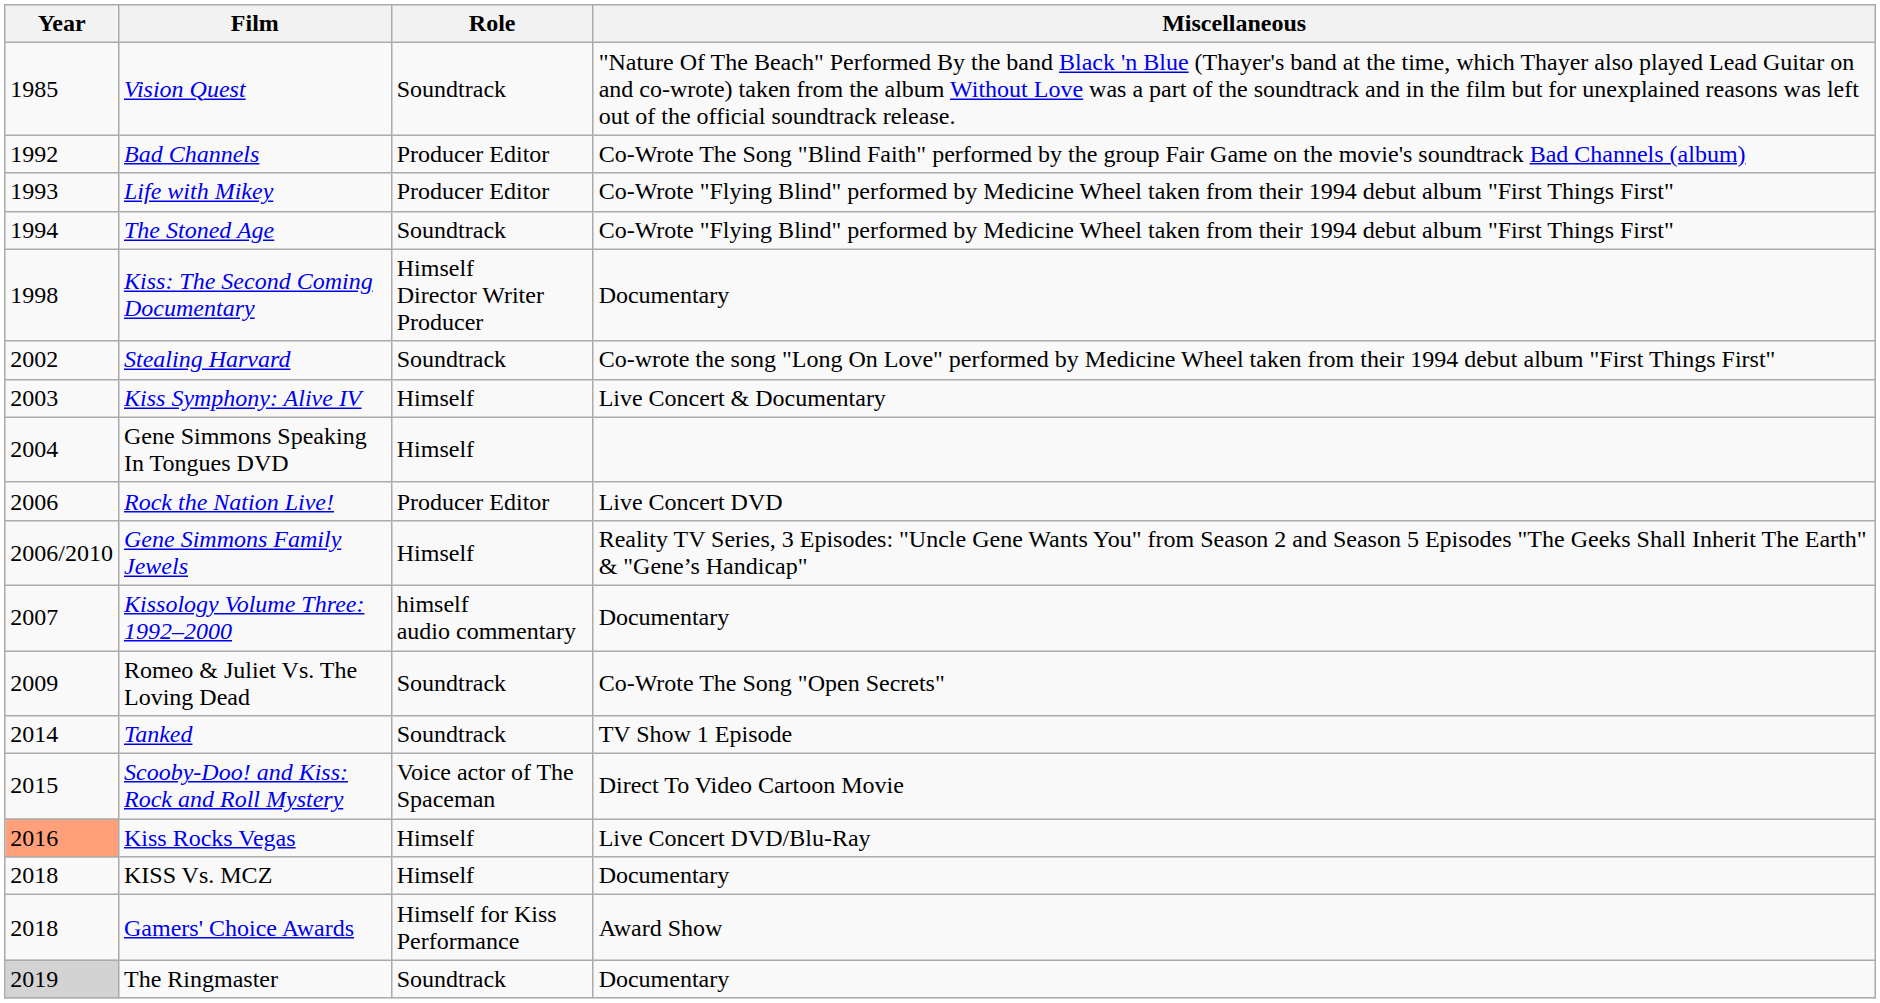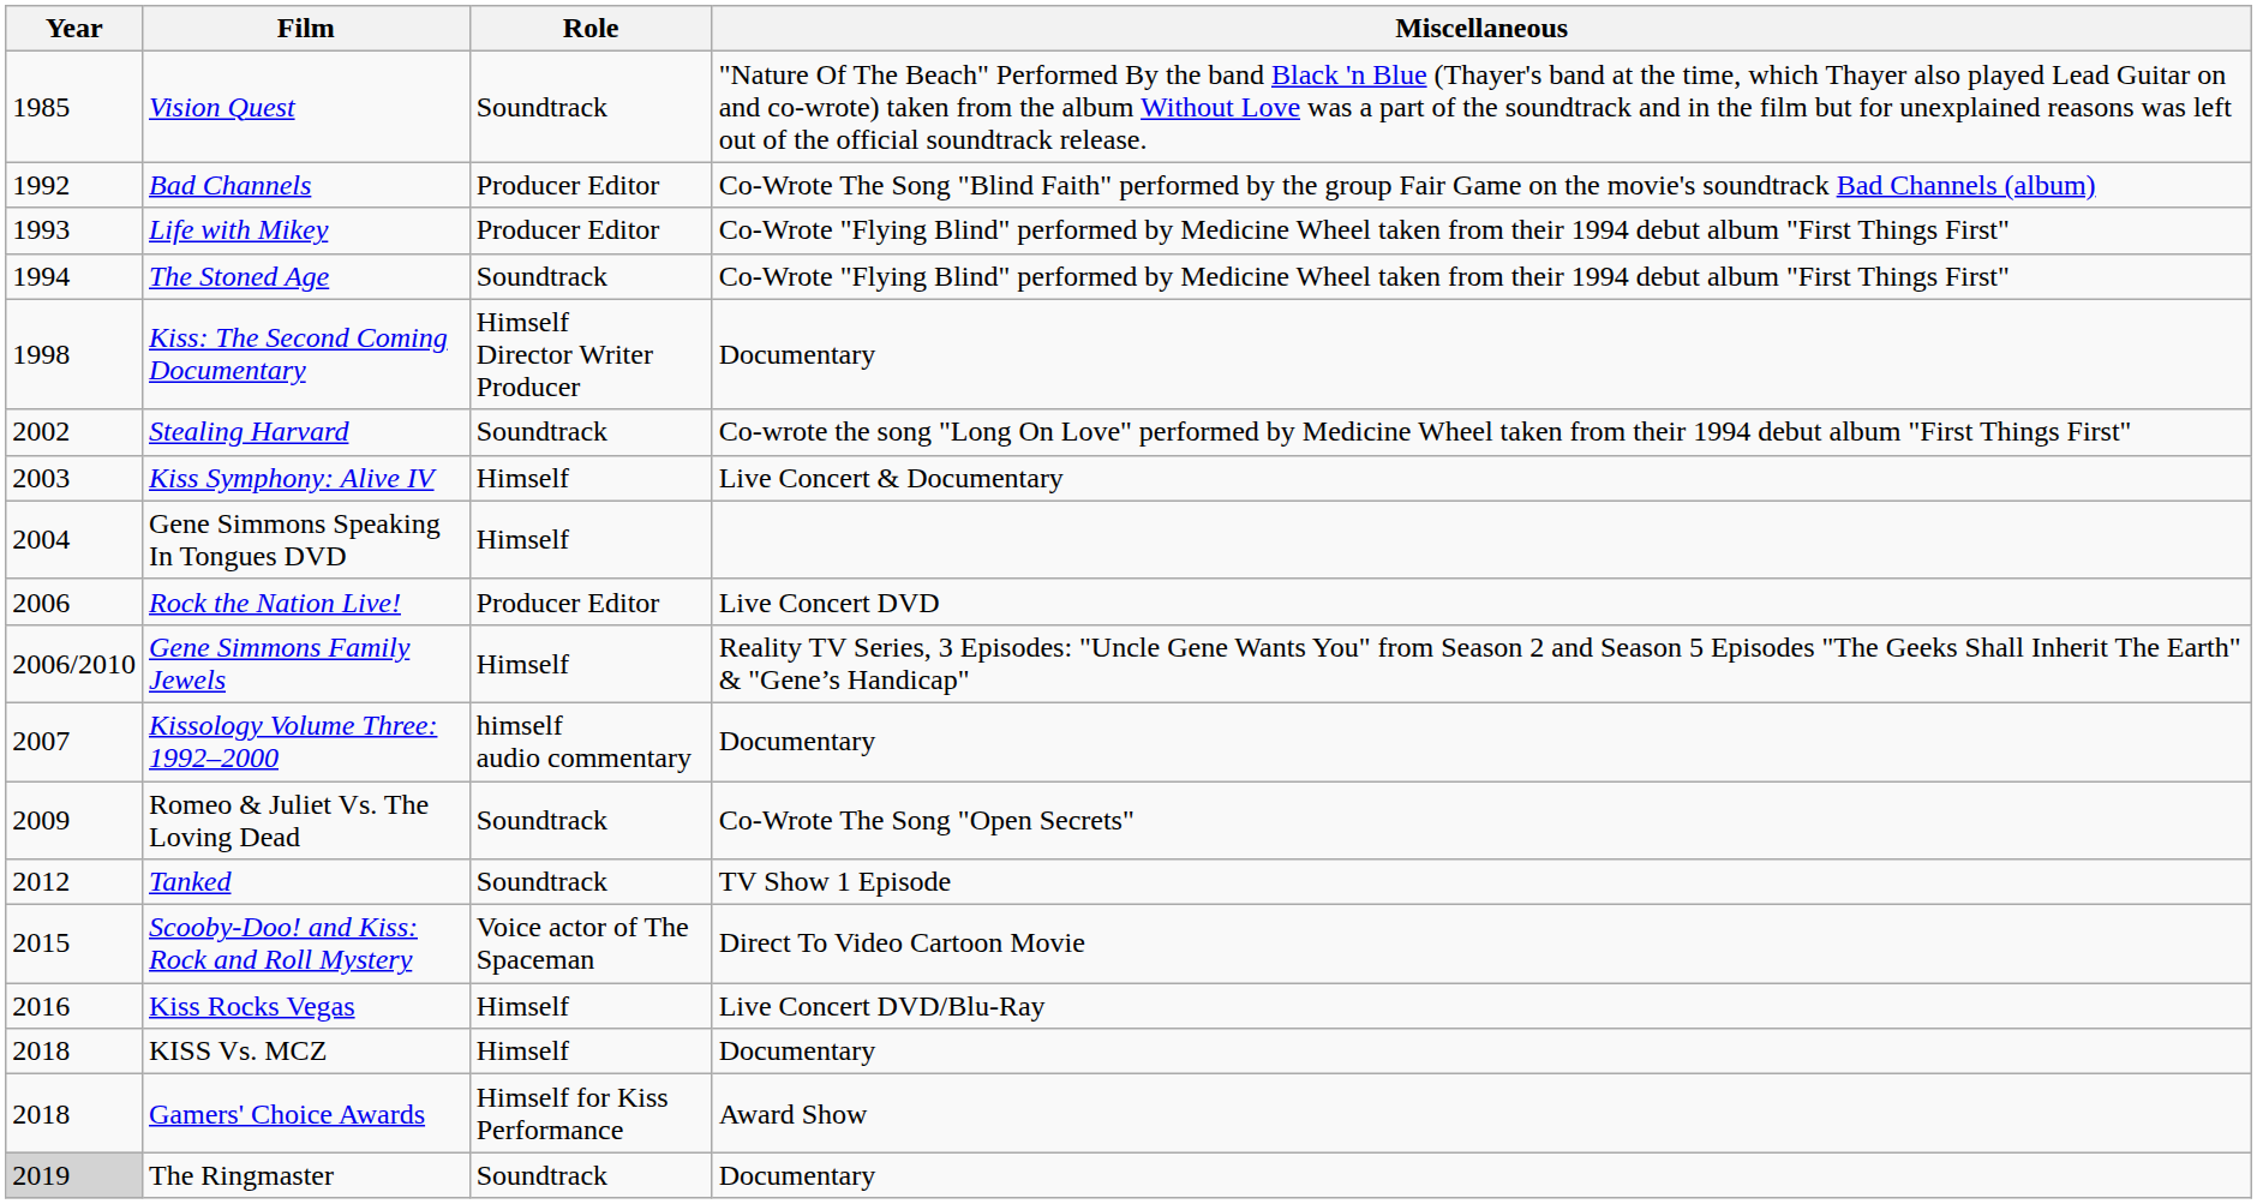 <table class="wikitable">
 <tr>
 <th>Year</th>
 <th>Film</th>
 <th>Role</th>
 <th>Miscellaneous</th>
 </tr>
 <tr>
 <td>1985</td>
 <td><em><a href='#'>Vision Quest</a></em></td>
 <td>Soundtrack</td>
 <td>"Nature Of The Beach" Performed By the band <a href='#'>Black 'n Blue</a> (Thayer's band at the time, which Thayer also played Lead Guitar on and co-wrote) taken from the album <a href='#'>Without Love</a> was a part of the soundtrack and in the film but for unexplained reasons was left out of the official soundtrack release.</td>
 </tr>
 <tr>
 <td>1992</td>
 <td><em><a href='#'>Bad Channels</a></em></td>
 <td>Producer Editor</td>
 <td>Co-Wrote The Song "Blind Faith" performed by the group Fair Game on the movie's soundtrack <a href='#'>Bad Channels (album)</a></td>
 </tr>
 <tr>
 <td>1993</td>
 <td><em><a href='#'>Life with Mikey</a></em></td>
 <td>Producer Editor</td>
 <td>Co-Wrote "Flying Blind" performed by Medicine Wheel taken from their 1994 debut album "First Things First"</td>
 </tr>
 <tr>
 <td>1994</td>
 <td><em><a href='#'>The Stoned Age</a></em></td>
 <td>Soundtrack</td>
 <td>Co-Wrote "Flying Blind" performed by Medicine Wheel taken from their 1994 debut album "First Things First"</td>
 </tr>
 <tr>
 <td>1998</td>
 <td><em><a href='#'>Kiss: The Second Coming Documentary</a></em></td>
 <td>Himself<br>Director Writer Producer</td>
 <td>Documentary</td>
 </tr>
 <tr>
 <td>2002</td>
 <td><em><a href='#'>Stealing Harvard</a></em></td>
 <td>Soundtrack</td>
 <td>Co-wrote the song "Long On Love" performed by Medicine Wheel taken from their 1994 debut album "First Things First"</td>
 </tr>
 <tr>
 <td>2003</td>
 <td><em><a href='#'>Kiss Symphony: Alive IV</a></em></td>
 <td>Himself</td>
 <td>Live Concert & Documentary</td>
 </tr>
 <tr>
 <td>2004</td>
 <td>Gene Simmons Speaking In Tongues DVD</td>
 <td>Himself</td>
 <td></td>
 </tr>
 <tr>
 <td>2006</td>
 <td><em><a href='#'>Rock the Nation Live!</a></em></td>
 <td>Producer Editor</td>
 <td>Live Concert DVD</td>
 </tr>
 <tr>
 <td>2006/2010</td>
 <td><em><a href='#'>Gene Simmons Family Jewels</a></em></td>
 <td>Himself</td>
 <td>Reality TV Series, 3 Episodes: "Uncle Gene Wants You" from Season 2 and Season 5 Episodes "The Geeks Shall Inherit The Earth" & "Gene’s Handicap"</td>
 </tr>
 <tr>
 <td>2007</td>
 <td><em><a href='#'>Kissology Volume Three: 1992–2000</a></em></td>
 <td>himself<br>audio commentary</td>
 <td>Documentary</td>
 </tr>
 <tr>
 <td>2009</td>
 <td>Romeo & Juliet Vs. The Loving Dead</td>
 <td>Soundtrack</td>
 <td>Co-Wrote The Song "Open Secrets"</td>
 </tr>
 <tr>
-<td>2014</td>
+<td>2012</td>
 <td><em><a href='#'>Tanked</a></em></td>
 <td>Soundtrack</td>
 <td>TV Show 1 Episode</td>
 </tr>
 <tr>
 <td>2015</td>
 <td><em><a href='#'>Scooby-Doo! and Kiss: Rock and Roll Mystery</a></em></td>
 <td>Voice actor of The Spaceman</td>
 <td>Direct To Video Cartoon Movie</td>
 </tr>
 <tr>
-<td style="background: lightsalmon;">2016</td>
+<td>2016</td>
 <td><a href='#'>Kiss Rocks Vegas</a></td>
 <td>Himself</td>
 <td>Live Concert DVD/Blu-Ray</td>
 </tr>
 <tr>
 <td>2018</td>
 <td>KISS Vs. MCZ</td>
 <td>Himself</td>
 <td>Documentary</td>
 </tr>
 <tr>
 <td>2018</td>
 <td><a href='#'>Gamers' Choice Awards</a></td>
 <td>Himself for Kiss Performance</td>
 <td>Award Show</td>
 </tr>
 <tr>
 <td style="background: lightgrey;">2019</td>
 <td>The Ringmaster</td>
 <td>Soundtrack</td>
 <td>Documentary</td>
 </tr>
 </table>
